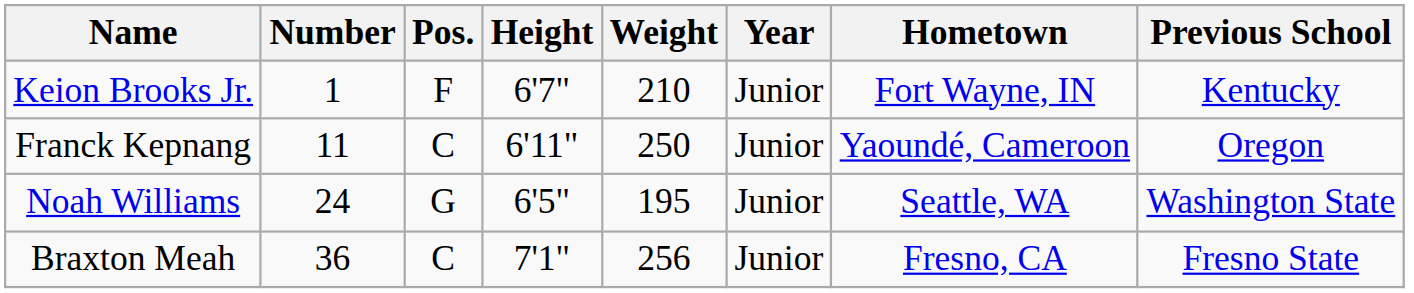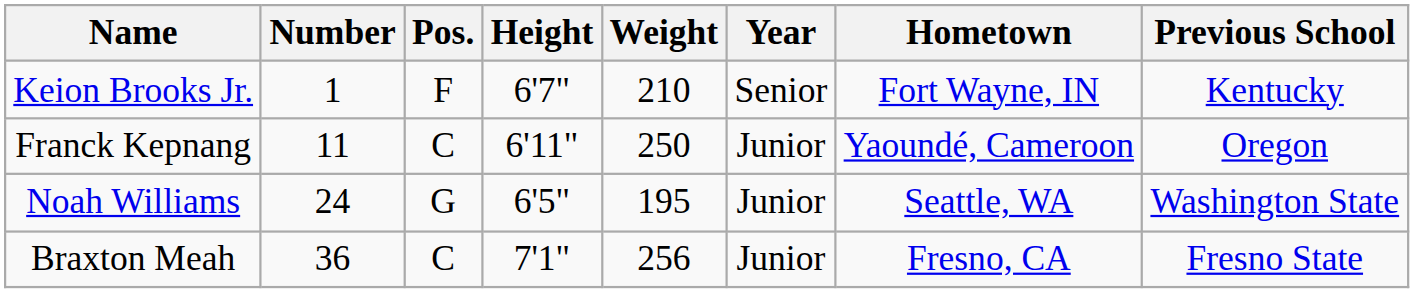 <table class="wikitable sortable sortable" style="text-align: center">
 <tr align=center>
 <th>Name</th>
 <th>Number</th>
 <th>Pos.</th>
 <th>Height</th>
 <th>Weight</th>
 <th>Year</th>
 <th>Hometown</th>
 <th>Previous School</th>
 </tr>
 <tr>
 <td><a href='#'>Keion Brooks Jr.</a></td>
 <td>1</td>
 <td>F</td>
 <td>6'7"</td>
 <td>210</td>
-<td>Junior</td>
+<td>Senior</td>
 <td><a href='#'>Fort Wayne, IN</a></td>
 <td><a href='#'>Kentucky</a></td>
 </tr>
 <tr>
 <td>Franck Kepnang</td>
 <td>11</td>
 <td>C</td>
 <td>6'11"</td>
 <td>250</td>
 <td>Junior</td>
 <td><a href='#'>Yaoundé, Cameroon</a></td>
 <td><a href='#'>Oregon</a></td>
 </tr>
 <tr>
 <td><a href='#'>Noah Williams</a></td>
 <td>24</td>
 <td>G</td>
 <td>6'5"</td>
 <td>195</td>
 <td>Junior</td>
 <td><a href='#'>Seattle, WA</a></td>
 <td><a href='#'>Washington State</a></td>
 </tr>
 <tr>
 <td>Braxton Meah</td>
 <td>36</td>
 <td>C</td>
 <td>7'1"</td>
 <td>256</td>
 <td>Junior</td>
 <td><a href='#'>Fresno, CA</a></td>
 <td><a href='#'>Fresno State</a></td>
 </tr>
 </table>
